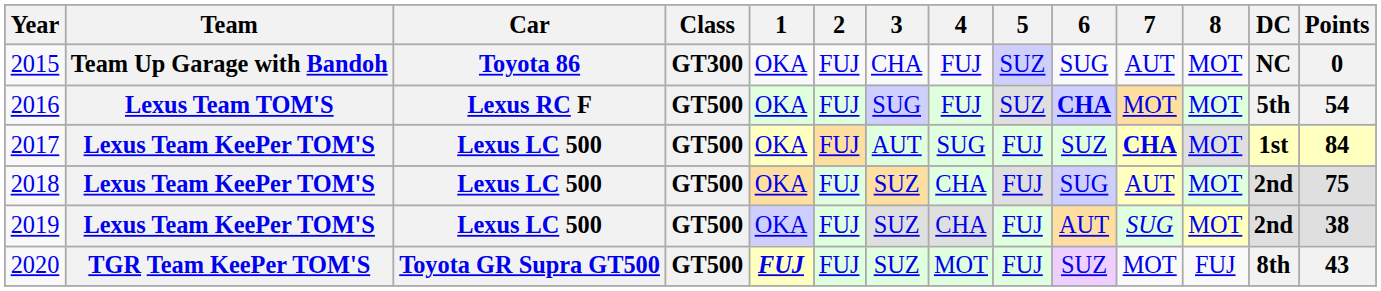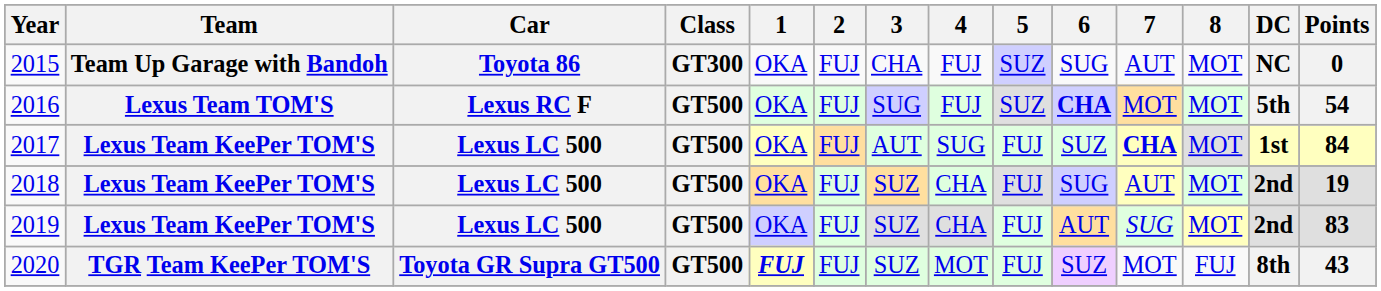 <table class="wikitable" style="text-align:center; font-size:85%">
 <tr>
 <th>Year</th>
 <th>Team</th>
 <th>Car</th>
 <th>Class</th>
 <th>1</th>
 <th>2</th>
 <th>3</th>
 <th>4</th>
 <th>5</th>
 <th>6</th>
 <th>7</th>
 <th>8</th>
 <th>DC</th>
 <th>Points</th>
 </tr>
 <tr>
 <td><a href='#'>2015</a></td>
 <th nowrap>Team Up Garage with <a href='#'>Bandoh</a></th>
 <th nowrap><a href='#'>Toyota 86</a></th>
 <th>GT300</th>
 <td><a href='#'>OKA</a></td>
 <td><a href='#'>FUJ</a></td>
 <td><a href='#'>CHA</a></td>
 <td><a href='#'>FUJ</a></td>
 <td style="background:#CFCFFF"><a href='#'>SUZ</a><br></td>
 <td><a href='#'>SUG</a></td>
 <td><a href='#'>AUT</a></td>
 <td><a href='#'>MOT</a></td>
 <th>NC</th>
 <th>0</th>
 </tr>
 <tr>
 <td><a href='#'>2016</a></td>
 <th nowrap><a href='#'>Lexus Team TOM'S</a></th>
 <th nowrap><a href='#'>Lexus RC</a> F</th>
 <th>GT500</th>
 <td style="background:#DFFFDF"><a href='#'>OKA</a><br></td>
 <td style="background:#DFFFDF"><a href='#'>FUJ</a><br></td>
 <td style="background:#CFCFFF"><a href='#'>SUG</a><br></td>
 <td style="background:#DFFFDF"><a href='#'>FUJ</a><br></td>
 <td style="background:#DFDFDF"><a href='#'>SUZ</a><br></td>
 <td style="background:#CFCFFF"><strong><a href='#'>CHA</a><br></strong></td>
 <td style="background:#FFDF9F"><a href='#'>MOT</a><br></td>
 <td style="background:#DFFFDF"><a href='#'>MOT</a><br></td>
 <th>5th</th>
 <th>54</th>
 </tr>
 <tr>
 <td><a href='#'>2017</a></td>
 <th nowrap><a href='#'>Lexus Team KeePer TOM'S</a></th>
 <th nowrap><a href='#'>Lexus LC</a> 500</th>
 <th>GT500</th>
 <td style="background:#FFFFBF"><a href='#'>OKA</a><br></td>
 <td style="background:#FFDF9F"><a href='#'>FUJ</a><br></td>
 <td style="background:#DFFFDF"><a href='#'>AUT</a><br></td>
 <td style="background:#DFFFDF"><a href='#'>SUG</a><br></td>
 <td style="background:#DFFFDF"><a href='#'>FUJ</a><br></td>
 <td style="background:#DFFFDF"><a href='#'>SUZ</a><br></td>
 <td style="background:#FFFFBF"><strong><a href='#'>CHA</a></strong><br></td>
 <td style="background:#DFDFDF"><a href='#'>MOT</a><br></td>
 <th style="background:#FFFFBF">1st</th>
 <th style="background:#FFFFBF">84</th>
 </tr>
 <tr>
 <td><a href='#'>2018</a></td>
 <th nowrap><a href='#'>Lexus Team KeePer TOM'S</a></th>
 <th nowrap><a href='#'>Lexus LC</a> 500</th>
 <th>GT500</th>
 <td style="background:#FFDF9F"><a href='#'>OKA</a><br></td>
 <td style="background:#DFFFDF"><a href='#'>FUJ</a><br></td>
 <td style="background:#FFDF9F"><a href='#'>SUZ</a><br></td>
 <td style="background:#DFFFDF"><a href='#'>CHA</a><br></td>
 <td style="background:#DFDFDF"><a href='#'>FUJ</a><br></td>
 <td style="background:#CFCFFF"><a href='#'>SUG</a><br></td>
 <td style="background:#FFFFBF"><a href='#'>AUT</a><br></td>
 <td style="background:#DFFFDF"><a href='#'>MOT</a><br></td>
 <th style="background:#DFDFDF">2nd</th>
-<th style="background:#DFDFDF">75</th>
+<th style="background:#DFDFDF">19</th>
 </tr>
 <tr>
 <td><a href='#'>2019</a></td>
 <th nowrap><a href='#'>Lexus Team KeePer TOM'S</a></th>
 <th nowrap><a href='#'>Lexus LC</a> 500</th>
 <th>GT500</th>
 <td style="background:#CFCFFF"><a href='#'>OKA</a><br></td>
 <td style="background:#DFFFDF"><a href='#'>FUJ</a><br></td>
 <td style="background:#DFDFDF"><a href='#'>SUZ</a><br></td>
 <td style="background:#DFDFDF"><a href='#'>CHA</a><br></td>
 <td style="background:#DFFFDF"><a href='#'>FUJ</a><br></td>
 <td style="background:#FFDF9F"><a href='#'>AUT</a><br></td>
 <td style="background:#DFFFDF"><em><a href='#'>SUG</a></em><br></td>
 <td style="background:#FFFFBF"><a href='#'>MOT</a><br></td>
 <th style="background:#DFDFDF">2nd</th>
-<th style="background:#DFDFDF">38</th>
+<th style="background:#DFDFDF">83</th>
 </tr>
 <tr>
 <td><a href='#'>2020</a></td>
 <th nowrap><a href='#'>TGR</a> <a href='#'>Team KeePer TOM'S</a></th>
 <th nowrap><a href='#'>Toyota GR Supra GT500</a></th>
 <th>GT500</th>
 <td style="background:#FFFFBF"><strong><em><a href='#'>FUJ</a></em></strong><br></td>
 <td style="background:#DFFFDF"><a href='#'>FUJ</a><br></td>
 <td style="background:#DFFFDF"><a href='#'>SUZ</a><br></td>
 <td style="background:#DFFFDF"><a href='#'>MOT</a><br></td>
 <td style="background:#DFFFDF"><a href='#'>FUJ</a><br></td>
 <td style="background:#EFCFFF"><a href='#'>SUZ</a><br></td>
 <td><a href='#'>MOT</a></td>
 <td><a href='#'>FUJ</a></td>
 <th>8th</th>
 <th>43</th>
 </tr>
 </table>
